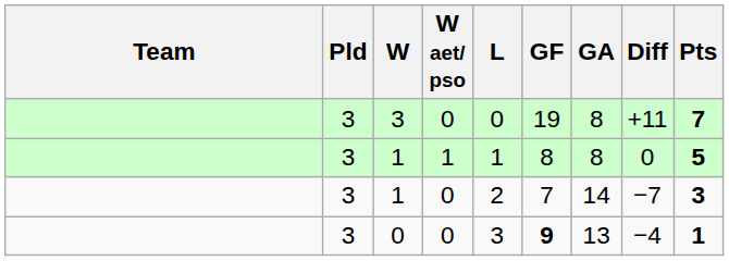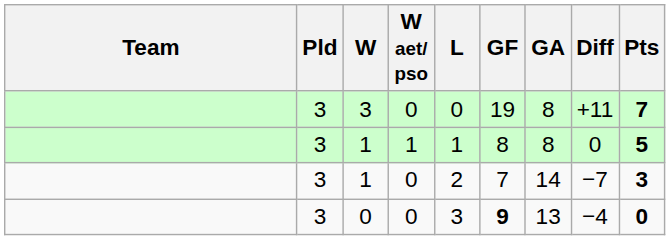 <table class="wikitable" style="text-align: center;">
 <tr>
 <th width=200>Team</th>
 <th width=25>Pld</th>
 <th width=25>W</th>
 <th width=25>W<br><small>aet/<br>pso</small></th>
 <th width=25>L</th>
 <th width=25>GF</th>
 <th width=25>GA</th>
 <th width=25>Diff</th>
 <th width=25>Pts<br></th>
 </tr>
 <tr align=center bgcolor="ccffcc">
 <td style="text-align:left;"></td>
 <td>3</td>
 <td>3</td>
 <td>0</td>
 <td>0</td>
 <td>19</td>
 <td>8</td>
 <td>+11</td>
 <td><strong>7</strong></td>
 </tr>
 <tr align=center bgcolor="ccffcc">
 <td style="text-align:left;"></td>
 <td>3</td>
 <td>1</td>
 <td>1</td>
 <td>1</td>
 <td>8</td>
 <td>8</td>
 <td>0</td>
 <td><strong>5</strong></td>
 </tr>
 <tr align=center>
 <td style="text-align:left;"></td>
 <td>3</td>
 <td>1</td>
 <td>0</td>
 <td>2</td>
 <td>7</td>
 <td>14</td>
 <td>−7</td>
 <td><strong>3</strong></td>
 </tr>
 <tr align=center>
 <td style="text-align:left;"></td>
 <td>3</td>
 <td>0</td>
 <td>0</td>
 <td>3</td>
 <td><strong>9</strong></td>
 <td>13</td>
 <td>−4</td>
-<td><strong>1</strong></td>
+<td><strong>0</strong></td>
 </tr>
 </table>
